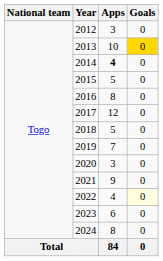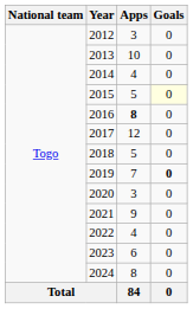 <table class="wikitable" style="text-align:center">
 <tr>
 <th>National team</th>
 <th>Year</th>
 <th>Apps</th>
 <th>Goals</th>
 </tr>
 <tr>
 <td rowspan="13"><a href='#'>Togo</a></td>
 <td>2012</td>
 <td>3</td>
 <td>0</td>
 </tr>
 <tr>
 <td>2013</td>
 <td>10</td>
-<td style="background: gold;">0</td>
+<td>0</td>
 </tr>
 <tr>
 <td>2014</td>
-<td><strong>4</strong></td>
+<td>4</td>
 <td>0</td>
 </tr>
 <tr>
 <td>2015</td>
 <td>5</td>
-<td>0</td>
+<td style="background: lightyellow;">0</td>
 </tr>
 <tr>
 <td>2016</td>
-<td>8</td>
+<td><strong>8</strong></td>
 <td>0</td>
 </tr>
 <tr>
 <td>2017</td>
 <td>12</td>
 <td>0</td>
 </tr>
 <tr>
 <td>2018</td>
 <td>5</td>
 <td>0</td>
 </tr>
 <tr>
 <td>2019</td>
 <td>7</td>
-<td>0</td>
+<td><strong>0</strong></td>
 </tr>
 <tr>
 <td>2020</td>
 <td>3</td>
 <td>0</td>
 </tr>
 <tr>
 <td>2021</td>
 <td>9</td>
 <td>0</td>
 </tr>
 <tr>
 <td>2022</td>
 <td>4</td>
-<td style="background: lightyellow;">0</td>
+<td>0</td>
 </tr>
 <tr>
 <td>2023</td>
 <td>6</td>
 <td>0</td>
 </tr>
 <tr>
 <td>2024</td>
 <td>8</td>
 <td>0</td>
 </tr>
 <tr>
 <th colspan="2">Total</th>
 <th>84</th>
 <th>0</th>
 </tr>
 </table>
